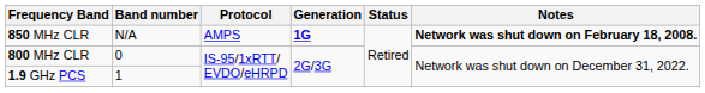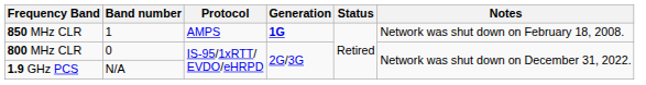 <table class="wikitable sortable">
 <tr>
 <th>Frequency Band</th>
 <th>Band number</th>
 <th>Protocol</th>
 <th>Generation</th>
 <th>Status</th>
 <th>Notes</th>
 </tr>
 <tr>
 <td><strong>850</strong> MHz CLR</td>
-<td>N/A</td>
+<td>1</td>
 <td><a href='#'>AMPS</a></td>
 <td><strong><a href='#'>1G</a></strong></td>
 <td rowspan="3">Retired</td>
-<td><strong>Network was shut down on February 18, 2008.</strong></td>
+<td>Network was shut down on February 18, 2008.</td>
 </tr>
 <tr>
 <td><strong>800</strong> MHz CLR</td>
 <td>0</td>
 <td rowspan="2"><a href='#'>IS-95</a>/<a href='#'>1xRTT</a>/<br><a href='#'>EVDO</a>/<a href='#'>eHRPD</a></td>
 <td rowspan="2"><a href='#'>2G</a>/<a href='#'>3G</a></td>
 <td rowspan="2">Network was shut down on December 31, 2022.</td>
 </tr>
 <tr>
 <td><strong>1.9</strong> GHz <a href='#'>PCS</a></td>
-<td>1</td>
+<td>N/A</td>
 </tr>
 </table>
